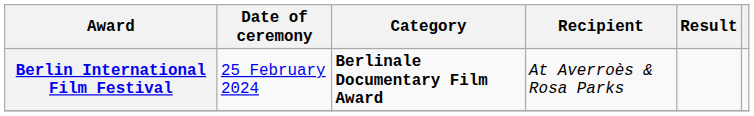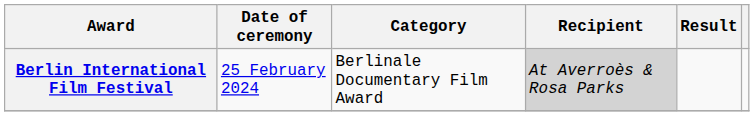 <table class="wikitable sortable plainrowheaders">
 <tr>
 <th>Award</th>
 <th>Date of ceremony</th>
 <th>Category</th>
 <th>Recipient</th>
 <th>Result</th>
 <th></th>
 </tr>
 <tr>
 <th scope="row" rowspan="1"><a href='#'>Berlin International Film Festival</a></th>
 <td rowspan="1"><a href='#'>25 February 2024</a></td>
-<td><strong>Berlinale Documentary Film Award</strong></td>
-<td><em>At Averroès & Rosa Parks</em></td>
+<td>Berlinale Documentary Film Award</td>
+<td style="background: lightgrey;"><em>At Averroès & Rosa Parks</em></td>
 <td></td>
 <td align="center"></td>
 </tr>
 <tr>
 </tr>
 </table>
